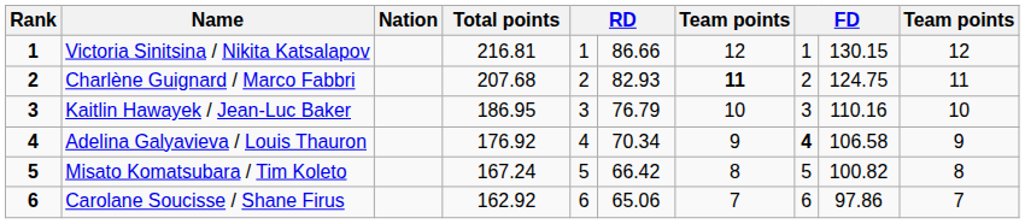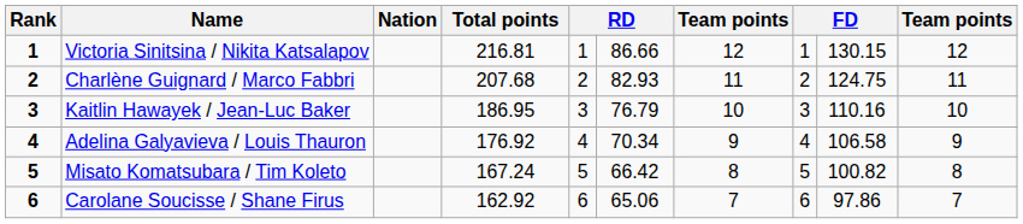 <table class="wikitable sortable">
 <tr>
 <th>Rank</th>
 <th>Name</th>
 <th>Nation</th>
 <th width="100">Total points</th>
 <th width="80" colspan="2"><a href='#'>RD</a></th>
 <th>Team points</th>
 <th width="80" colspan="2"><a href='#'>FD</a></th>
 <th>Team points</th>
 </tr>
 <tr>
 <td style="text-align: center;"><strong>1</strong></td>
 <td><a href='#'>Victoria Sinitsina</a> / <a href='#'>Nikita Katsalapov</a></td>
 <td></td>
 <td style="text-align: center;">216.81</td>
 <td style="text-align: center;">1</td>
 <td style="text-align: center;">86.66</td>
 <td style="text-align: center;">12</td>
 <td style="text-align: center;">1</td>
 <td style="text-align: center;">130.15</td>
 <td style="text-align: center;">12</td>
 </tr>
 <tr>
 <td style="text-align: center;"><strong>2</strong></td>
 <td><a href='#'>Charlène Guignard</a> / <a href='#'>Marco Fabbri</a></td>
 <td></td>
 <td style="text-align: center;">207.68</td>
 <td style="text-align: center;">2</td>
 <td style="text-align: center;">82.93</td>
-<td style="text-align: center;"><strong>11</strong></td>
+<td style="text-align: center;">11</td>
 <td style="text-align: center;">2</td>
 <td style="text-align: center;">124.75</td>
 <td style="text-align: center;">11</td>
 </tr>
 <tr>
 <td style="text-align: center;"><strong>3</strong></td>
 <td><a href='#'>Kaitlin Hawayek</a> / <a href='#'>Jean-Luc Baker</a></td>
 <td></td>
 <td style="text-align: center;">186.95</td>
 <td style="text-align: center;">3</td>
 <td style="text-align: center;">76.79</td>
 <td style="text-align: center;">10</td>
 <td style="text-align: center;">3</td>
 <td style="text-align: center;">110.16</td>
 <td style="text-align: center;">10</td>
 </tr>
 <tr>
 <td style="text-align: center;"><strong>4</strong></td>
 <td><a href='#'>Adelina Galyavieva</a> / <a href='#'>Louis Thauron</a></td>
 <td></td>
 <td style="text-align: center;">176.92</td>
 <td style="text-align: center;">4</td>
 <td style="text-align: center;">70.34</td>
 <td style="text-align: center;">9</td>
-<td style="text-align: center;"><strong>4</strong></td>
+<td style="text-align: center;">4</td>
 <td style="text-align: center;">106.58</td>
 <td style="text-align: center;">9</td>
 </tr>
 <tr>
 <td style="text-align: center;"><strong>5</strong></td>
 <td><a href='#'>Misato Komatsubara</a> / <a href='#'>Tim Koleto</a></td>
 <td></td>
 <td style="text-align: center;">167.24</td>
 <td style="text-align: center;">5</td>
 <td style="text-align: center;">66.42</td>
 <td style="text-align: center;">8</td>
 <td style="text-align: center;">5</td>
 <td style="text-align: center;">100.82</td>
 <td style="text-align: center;">8</td>
 </tr>
 <tr>
 <td style="text-align: center;"><strong>6</strong></td>
 <td><a href='#'>Carolane Soucisse</a> / <a href='#'>Shane Firus</a></td>
 <td></td>
 <td style="text-align: center;">162.92</td>
 <td style="text-align: center;">6</td>
 <td style="text-align: center;">65.06</td>
 <td style="text-align: center;">7</td>
 <td style="text-align: center;">6</td>
 <td style="text-align: center;">97.86</td>
 <td style="text-align: center;">7</td>
 </tr>
 </table>
